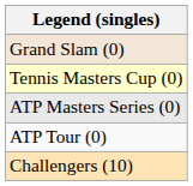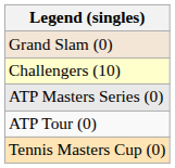 <table class="wikitable">
 <tr>
 <th>Legend (singles)</th>
 </tr>
 <tr style="background:#f3e6d7;">
 <td>Grand Slam (0)</td>
 </tr>
 <tr style="background:#ffffcc;">
-<td>Tennis Masters Cup (0)</td>
+<td>Challengers (10)</td>
 </tr>
 <tr style="background:#e9e9e9;">
 <td>ATP Masters Series (0)</td>
 </tr>
 <tr>
 <td>ATP Tour (0)</td>
 </tr>
 <tr bgcolor="moccasin">
-<td>Challengers (10)</td>
+<td>Tennis Masters Cup (0)</td>
 </tr>
 </table>
